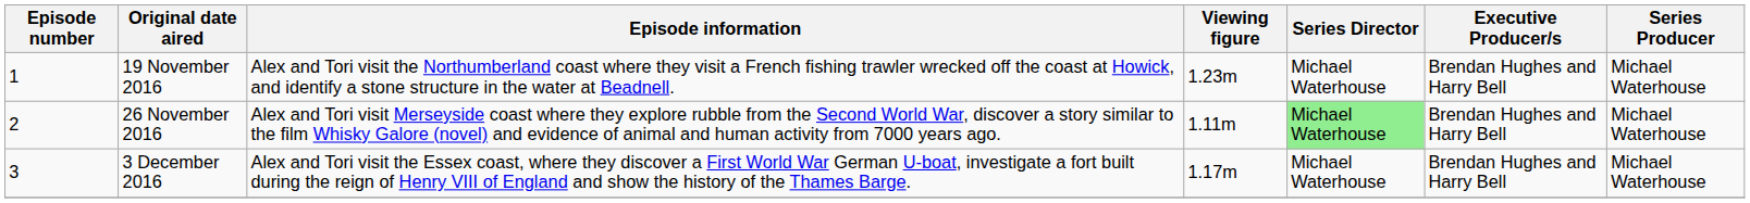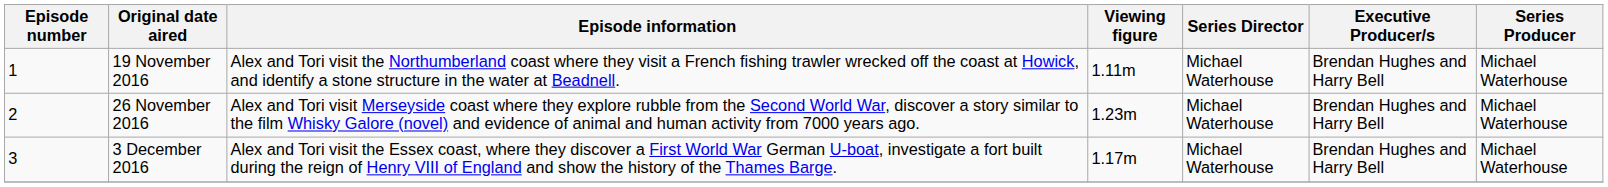 <table class="wikitable sortable">
 <tr>
 <th>Episode number</th>
 <th>Original date aired</th>
 <th>Episode information</th>
 <th>Viewing figure</th>
 <th>Series Director</th>
 <th>Executive Producer/s</th>
 <th>Series Producer</th>
 </tr>
 <tr>
 <td>1</td>
 <td>19 November 2016</td>
 <td>Alex and Tori visit the <a href='#'>Northumberland</a> coast where they visit a French fishing trawler wrecked off the coast at <a href='#'>Howick</a>, and identify a stone structure in the water at <a href='#'>Beadnell</a>.</td>
-<td>1.23m</td>
+<td>1.11m</td>
 <td>Michael Waterhouse</td>
 <td>Brendan Hughes and Harry Bell</td>
 <td>Michael Waterhouse</td>
 </tr>
 <tr>
 <td>2</td>
 <td>26 November 2016</td>
 <td>Alex and Tori visit <a href='#'>Merseyside</a> coast where they explore rubble from the <a href='#'>Second World War</a>, discover a story similar to the film <a href='#'>Whisky Galore (novel)</a> and evidence of animal and human activity from 7000 years ago.</td>
-<td>1.11m</td>
-<td style="background: lightgreen;">Michael Waterhouse</td>
+<td>1.23m</td>
+<td>Michael Waterhouse</td>
 <td>Brendan Hughes and Harry Bell</td>
 <td>Michael Waterhouse</td>
 </tr>
 <tr>
 <td>3</td>
 <td>3 December 2016</td>
 <td>Alex and Tori visit the Essex coast, where they discover a <a href='#'>First World War</a> German <a href='#'>U-boat</a>, investigate a fort built during the reign of <a href='#'>Henry VIII of England</a> and show the history of the <a href='#'>Thames Barge</a>.</td>
 <td>1.17m</td>
 <td>Michael Waterhouse</td>
 <td>Brendan Hughes and Harry Bell</td>
 <td>Michael Waterhouse</td>
 </tr>
 <tr>
 </tr>
 </table>
